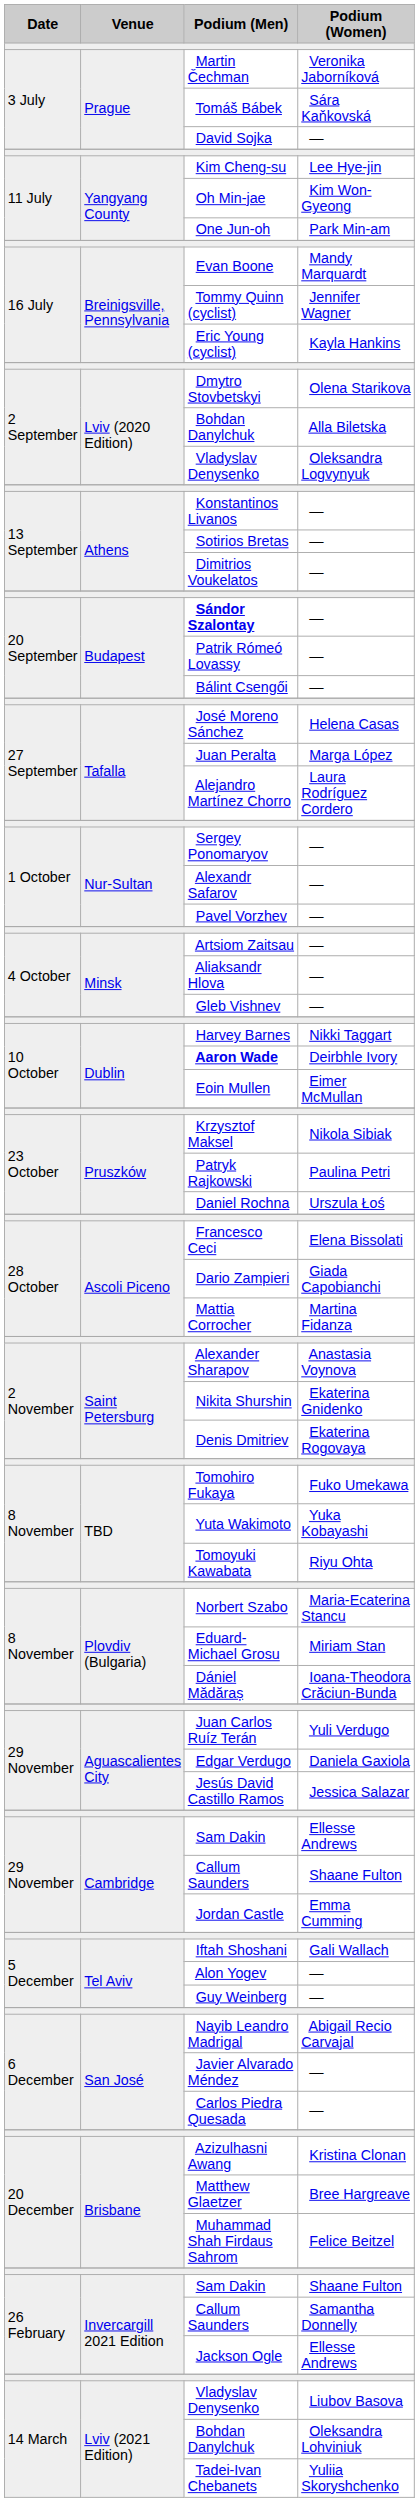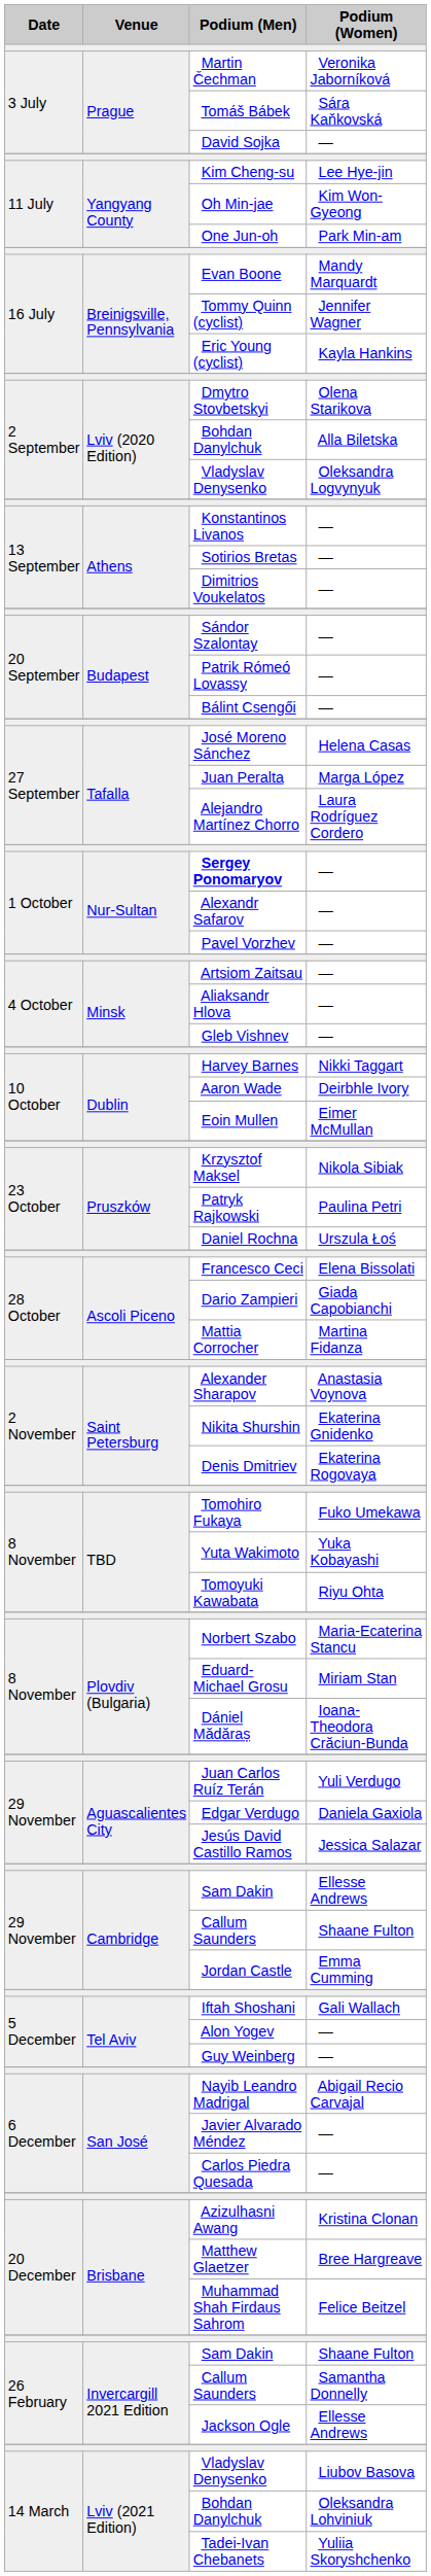 <table class="wikitable" width=70% bgcolor="#f7f8ff" cellpadding="3" cellspacing="0" border="1" style="font-size: 95%; border: gray solid 1px; border-collapse: collapse;">
 <tr bgcolor="#CCCCCC">
 <td align="center"><strong>Date</strong></td>
 <td width=20% align="center"><strong>Venue</strong></td>
 <td width=29% align="center"><strong>Podium (Men)</strong></td>
 <td width=29% align="center"><strong>Podium (Women)</strong></td>
 </tr>
 <tr bgcolor="#EFEFEF">
 <td colspan=4></td>
 </tr>
 <tr bgcolor="#EFEFEF">
 <td rowspan=3>3 July</td>
 <td rowspan=3><br><a href='#'>Prague</a></td>
 <td bgcolor="#ffffff">   <a href='#'>Martin Čechman</a></td>
 <td bgcolor="#ffffff">   <a href='#'>Veronika Jaborníková</a></td>
 </tr>
 <tr>
 <td bgcolor="#ffffff">   <a href='#'>Tomáš Bábek</a></td>
 <td bgcolor="#ffffff">   <a href='#'>Sára Kaňkovská</a></td>
 </tr>
 <tr>
 <td bgcolor="#ffffff">   <a href='#'>David Sojka</a></td>
 <td bgcolor="#ffffff">   —</td>
 </tr>
 <tr>
 </tr>
 <tr bgcolor="#EFEFEF">
 <td colspan=4></td>
 </tr>
 <tr bgcolor="#EFEFEF">
 <td rowspan=3>11 July</td>
 <td rowspan=3><br><a href='#'>Yangyang County</a></td>
 <td bgcolor="#ffffff">   <a href='#'>Kim Cheng-su</a></td>
 <td bgcolor="#ffffff">   <a href='#'>Lee Hye-jin</a></td>
 </tr>
 <tr>
 <td bgcolor="#ffffff">   <a href='#'>Oh Min-jae</a></td>
 <td bgcolor="#ffffff">   <a href='#'>Kim Won-Gyeong</a></td>
 </tr>
 <tr>
 <td bgcolor="#ffffff">   <a href='#'>One Jun-oh</a></td>
 <td bgcolor="#ffffff">   <a href='#'>Park Min-am</a></td>
 </tr>
 <tr>
 </tr>
 <tr bgcolor="#EFEFEF">
 <td colspan=4></td>
 </tr>
 <tr bgcolor="#EFEFEF">
 <td rowspan="3">16 July</td>
 <td rowspan="3"><br><a href='#'>Breinigsville, Pennsylvania</a></td>
 <td bgcolor="#ffffff">   <a href='#'>Evan Boone</a></td>
 <td bgcolor="#ffffff">   <a href='#'>Mandy Marquardt</a></td>
 </tr>
 <tr>
 <td bgcolor="#ffffff">   <a href='#'>Tommy Quinn (cyclist)</a></td>
 <td bgcolor="#ffffff">   <a href='#'>Jennifer Wagner</a></td>
 </tr>
 <tr>
 <td bgcolor="#ffffff">   <a href='#'>Eric Young (cyclist)</a></td>
 <td bgcolor="#ffffff">   <a href='#'>Kayla Hankins</a></td>
 </tr>
 <tr>
 </tr>
 <tr bgcolor="#EFEFEF">
 <td colspan=4></td>
 </tr>
 <tr bgcolor="#EFEFEF">
 <td rowspan=3>2 September</td>
 <td rowspan=3><br><a href='#'>Lviv</a> (2020 Edition)</td>
 <td bgcolor="#ffffff">   <a href='#'>Dmytro Stovbetskyi</a></td>
 <td bgcolor="#ffffff">   <a href='#'>Olena Starikova</a></td>
 </tr>
 <tr>
 <td bgcolor="#ffffff">   <a href='#'>Bohdan Danylchuk</a></td>
 <td bgcolor="#ffffff">   <a href='#'>Alla Biletska</a></td>
 </tr>
 <tr>
 <td bgcolor="#ffffff">   <a href='#'>Vladyslav Denysenko</a></td>
 <td bgcolor="#ffffff">   <a href='#'>Oleksandra Logvynyuk</a></td>
 </tr>
 <tr>
 </tr>
 <tr bgcolor="#EFEFEF">
 <td colspan=4></td>
 </tr>
 <tr bgcolor="#EFEFEF">
 <td rowspan=3>13 September</td>
 <td rowspan=3><br><a href='#'>Athens</a></td>
 <td bgcolor="#ffffff">   <a href='#'>Konstantinos Livanos</a></td>
 <td bgcolor="#ffffff">   —</td>
 </tr>
 <tr>
 <td bgcolor="#ffffff">   <a href='#'>Sotirios Bretas</a></td>
 <td bgcolor="#ffffff">   —</td>
 </tr>
 <tr>
 <td bgcolor="#ffffff">   <a href='#'>Dimitrios Voukelatos</a></td>
 <td bgcolor="#ffffff">   —</td>
 </tr>
 <tr>
 </tr>
 <tr bgcolor="#EFEFEF">
 <td colspan=4></td>
 </tr>
 <tr bgcolor="#EFEFEF">
 <td rowspan=3>20 September</td>
 <td rowspan=3><br><a href='#'>Budapest</a></td>
-<td bgcolor="#ffffff"><strong>   <a href='#'>Sándor Szalontay</a></strong></td>
+<td bgcolor="#ffffff">   <a href='#'>Sándor Szalontay</a></td>
 <td bgcolor="#ffffff">   —</td>
 </tr>
 <tr>
 <td bgcolor="#ffffff">   <a href='#'>Patrik Rómeó Lovassy</a></td>
 <td bgcolor="#ffffff">   —</td>
 </tr>
 <tr>
 <td bgcolor="#ffffff">   <a href='#'>Bálint Csengői</a></td>
 <td bgcolor="#ffffff">   —</td>
 </tr>
 <tr>
 </tr>
 <tr bgcolor="#EFEFEF">
 <td colspan=4></td>
 </tr>
 <tr bgcolor="#EFEFEF">
 <td rowspan=3>27 September</td>
 <td rowspan=3><br><a href='#'>Tafalla</a></td>
 <td bgcolor="#ffffff">   <a href='#'>José Moreno Sánchez</a></td>
 <td bgcolor="#ffffff">   <a href='#'>Helena Casas</a></td>
 </tr>
 <tr>
 <td bgcolor="#ffffff">   <a href='#'>Juan Peralta</a></td>
 <td bgcolor="#ffffff">   <a href='#'>Marga López</a></td>
 </tr>
 <tr>
 <td bgcolor="#ffffff">   <a href='#'>Alejandro Martínez Chorro</a></td>
 <td bgcolor="#ffffff">   <a href='#'>Laura Rodríguez Cordero</a></td>
 </tr>
 <tr>
 </tr>
 <tr bgcolor="#EFEFEF">
 <td colspan=4></td>
 </tr>
 <tr bgcolor="#EFEFEF">
 <td rowspan=3>1 October</td>
 <td rowspan=3><br><a href='#'>Nur-Sultan</a></td>
-<td bgcolor="#ffffff">   <a href='#'>Sergey Ponomaryov</a></td>
+<td bgcolor="#ffffff"><strong>   <a href='#'>Sergey Ponomaryov</a></strong></td>
 <td bgcolor="#ffffff">   —</td>
 </tr>
 <tr>
 <td bgcolor="#ffffff">   <a href='#'>Alexandr Safarov</a></td>
 <td bgcolor="#ffffff">   —</td>
 </tr>
 <tr>
 <td bgcolor="#ffffff">   <a href='#'>Pavel Vorzhev</a></td>
 <td bgcolor="#ffffff">   —</td>
 </tr>
 <tr>
 </tr>
 <tr bgcolor="#EFEFEF">
 <td colspan=4></td>
 </tr>
 <tr bgcolor="#EFEFEF">
 <td rowspan=3>4 October</td>
 <td rowspan=3><br><a href='#'>Minsk</a></td>
 <td bgcolor="#ffffff">   <a href='#'>Artsiom Zaitsau</a></td>
 <td bgcolor="#ffffff">   —</td>
 </tr>
 <tr>
 <td bgcolor="#ffffff">   <a href='#'>Aliaksandr Hlova</a></td>
 <td bgcolor="#ffffff">   —</td>
 </tr>
 <tr>
 <td bgcolor="#ffffff">   <a href='#'>Gleb Vishnev</a></td>
 <td bgcolor="#ffffff">   —</td>
 </tr>
 <tr>
 </tr>
 <tr bgcolor="#EFEFEF">
 <td colspan=4></td>
 </tr>
 <tr bgcolor="#EFEFEF">
 <td rowspan=3>10 October</td>
 <td rowspan=3><br><a href='#'>Dublin</a></td>
 <td bgcolor="#ffffff">   <a href='#'>Harvey Barnes</a></td>
 <td bgcolor="#ffffff">   <a href='#'>Nikki Taggart</a></td>
 </tr>
 <tr>
-<td bgcolor="#ffffff"><strong>   <a href='#'>Aaron Wade</a></strong></td>
+<td bgcolor="#ffffff">   <a href='#'>Aaron Wade</a></td>
 <td bgcolor="#ffffff">   <a href='#'>Deirbhle Ivory</a></td>
 </tr>
 <tr>
 <td bgcolor="#ffffff">   <a href='#'>Eoin Mullen</a></td>
 <td bgcolor="#ffffff">   <a href='#'>Eimer McMullan</a></td>
 </tr>
 <tr>
 </tr>
 <tr bgcolor="#EFEFEF">
 <td colspan=4></td>
 </tr>
 <tr bgcolor="#EFEFEF">
 <td rowspan=3>23 October</td>
 <td rowspan=3><br><a href='#'>Pruszków</a></td>
 <td bgcolor="#ffffff">   <a href='#'>Krzysztof Maksel</a></td>
 <td bgcolor="#ffffff">   <a href='#'>Nikola Sibiak</a></td>
 </tr>
 <tr>
 <td bgcolor="#ffffff">   <a href='#'>Patryk Rajkowski</a></td>
 <td bgcolor="#ffffff">   <a href='#'>Paulina Petri</a></td>
 </tr>
 <tr>
 <td bgcolor="#ffffff">   <a href='#'>Daniel Rochna</a></td>
 <td bgcolor="#ffffff">   <a href='#'>Urszula Łoś</a></td>
 </tr>
 <tr>
 </tr>
 <tr bgcolor="#EFEFEF">
 <td colspan=4></td>
 </tr>
 <tr bgcolor="#EFEFEF">
 <td rowspan=3>28 October</td>
 <td rowspan=3><br><a href='#'>Ascoli Piceno</a></td>
 <td bgcolor="#ffffff">   <a href='#'>Francesco Ceci</a></td>
 <td bgcolor="#ffffff">   <a href='#'>Elena Bissolati</a></td>
 </tr>
 <tr>
 <td bgcolor="#ffffff">   <a href='#'>Dario Zampieri</a></td>
 <td bgcolor="#ffffff">   <a href='#'>Giada Capobianchi</a></td>
 </tr>
 <tr>
 <td bgcolor="#ffffff">   <a href='#'>Mattia Corrocher</a></td>
 <td bgcolor="#ffffff">   <a href='#'>Martina Fidanza</a></td>
 </tr>
 <tr>
 </tr>
 <tr bgcolor="#EFEFEF">
 <td colspan=4></td>
 </tr>
 <tr bgcolor="#EFEFEF">
 <td rowspan=3>2 November</td>
 <td rowspan=3><br><a href='#'>Saint Petersburg</a></td>
 <td bgcolor="#ffffff">   <a href='#'>Alexander Sharapov</a></td>
 <td bgcolor="#ffffff">   <a href='#'>Anastasia Voynova</a></td>
 </tr>
 <tr>
 <td bgcolor="#ffffff">   <a href='#'>Nikita Shurshin</a></td>
 <td bgcolor="#ffffff">   <a href='#'>Ekaterina Gnidenko</a></td>
 </tr>
 <tr>
 <td bgcolor="#ffffff">   <a href='#'>Denis Dmitriev</a></td>
 <td bgcolor="#ffffff">   <a href='#'>Ekaterina Rogovaya</a></td>
 </tr>
 <tr>
 </tr>
 <tr bgcolor="#EFEFEF">
 <td colspan=4></td>
 </tr>
 <tr bgcolor="#EFEFEF">
 <td rowspan=3>8 November</td>
 <td rowspan=3><br>TBD</td>
 <td bgcolor="#ffffff">   <a href='#'>Tomohiro Fukaya</a></td>
 <td bgcolor="#ffffff">   <a href='#'>Fuko Umekawa</a></td>
 </tr>
 <tr>
 <td bgcolor="#ffffff">   <a href='#'>Yuta Wakimoto</a></td>
 <td bgcolor="#ffffff">   <a href='#'>Yuka Kobayashi</a></td>
 </tr>
 <tr>
 <td bgcolor="#ffffff">   <a href='#'>Tomoyuki Kawabata</a></td>
 <td bgcolor="#ffffff">   <a href='#'>Riyu Ohta</a></td>
 </tr>
 <tr>
 </tr>
 <tr bgcolor="#EFEFEF">
 <td colspan=4></td>
 </tr>
 <tr bgcolor="#EFEFEF">
 <td rowspan=3>8 November</td>
 <td rowspan=3><br><a href='#'>Plovdiv</a> (Bulgaria)</td>
 <td bgcolor="#ffffff">   <a href='#'>Norbert Szabo</a></td>
 <td bgcolor="#ffffff">   <a href='#'>Maria-Ecaterina Stancu</a></td>
 </tr>
 <tr>
 <td bgcolor="#ffffff">   <a href='#'>Eduard-Michael Grosu</a></td>
 <td bgcolor="#ffffff">   <a href='#'>Miriam Stan</a></td>
 </tr>
 <tr>
 <td bgcolor="#ffffff">   <a href='#'>Dániel Mădăraș</a></td>
 <td bgcolor="#ffffff">   <a href='#'>Ioana-Theodora Crăciun-Bunda</a></td>
 </tr>
 <tr>
 </tr>
 <tr bgcolor="#EFEFEF">
 <td colspan=4></td>
 </tr>
 <tr bgcolor="#EFEFEF">
 <td rowspan=3>29 November</td>
 <td rowspan=3><br><a href='#'>Aguascalientes City</a></td>
 <td bgcolor="#ffffff">   <a href='#'>Juan Carlos Ruíz Terán</a></td>
 <td bgcolor="#ffffff">   <a href='#'>Yuli Verdugo</a></td>
 </tr>
 <tr>
 <td bgcolor="#ffffff">   <a href='#'>Edgar Verdugo</a></td>
 <td bgcolor="#ffffff">   <a href='#'>Daniela Gaxiola</a></td>
 </tr>
 <tr>
 <td bgcolor="#ffffff">   <a href='#'>Jesús David Castillo Ramos</a></td>
 <td bgcolor="#ffffff">   <a href='#'>Jessica Salazar</a></td>
 </tr>
 <tr>
 </tr>
 <tr bgcolor="#EFEFEF">
 <td colspan=4></td>
 </tr>
 <tr bgcolor="#EFEFEF">
 <td rowspan=3>29 November</td>
 <td rowspan=3><br><a href='#'>Cambridge</a></td>
 <td bgcolor="#ffffff">   <a href='#'>Sam Dakin</a></td>
 <td bgcolor="#ffffff">   <a href='#'>Ellesse Andrews</a></td>
 </tr>
 <tr>
 <td bgcolor="#ffffff">   <a href='#'>Callum Saunders</a></td>
 <td bgcolor="#ffffff">   <a href='#'>Shaane Fulton</a></td>
 </tr>
 <tr>
 <td bgcolor="#ffffff">   <a href='#'>Jordan Castle</a></td>
 <td bgcolor="#ffffff">   <a href='#'>Emma Cumming</a></td>
 </tr>
 <tr>
 </tr>
 <tr bgcolor="#EFEFEF">
 <td colspan=4></td>
 </tr>
 <tr bgcolor="#EFEFEF">
 <td rowspan=3>5 December</td>
 <td rowspan=3><br><a href='#'>Tel Aviv</a></td>
 <td bgcolor="#ffffff">   <a href='#'>Iftah Shoshani</a></td>
 <td bgcolor="#ffffff">   <a href='#'>Gali Wallach</a></td>
 </tr>
 <tr>
 <td bgcolor="#ffffff">   <a href='#'>Alon Yogev</a></td>
 <td bgcolor="#ffffff">   —</td>
 </tr>
 <tr>
 <td bgcolor="#ffffff">   <a href='#'>Guy Weinberg</a></td>
 <td bgcolor="#ffffff">   —</td>
 </tr>
 <tr>
 </tr>
 <tr bgcolor="#EFEFEF">
 <td colspan=4></td>
 </tr>
 <tr bgcolor="#EFEFEF">
 <td rowspan=3>6 December</td>
 <td rowspan=3><br><a href='#'>San José</a></td>
 <td bgcolor="#ffffff">   <a href='#'>Nayib Leandro Madrigal</a></td>
 <td bgcolor="#ffffff">   <a href='#'>Abigail Recio Carvajal</a></td>
 </tr>
 <tr>
 <td bgcolor="#ffffff">   <a href='#'>Javier Alvarado Méndez</a></td>
 <td bgcolor="#ffffff">   —</td>
 </tr>
 <tr>
 <td bgcolor="#ffffff">   <a href='#'>Carlos Piedra Quesada</a></td>
 <td bgcolor="#ffffff">   —</td>
 </tr>
 <tr>
 </tr>
 <tr bgcolor="#EFEFEF">
 <td colspan=4></td>
 </tr>
 <tr bgcolor="#EFEFEF">
 <td rowspan=3>20 December</td>
 <td rowspan=3><br><a href='#'>Brisbane</a></td>
 <td bgcolor="#ffffff">    <a href='#'>Azizulhasni Awang</a></td>
 <td bgcolor="#ffffff">   <a href='#'>Kristina Clonan</a></td>
 </tr>
 <tr>
 <td bgcolor="#ffffff">   <a href='#'>Matthew Glaetzer</a></td>
 <td bgcolor="#ffffff">   <a href='#'>Bree Hargreave</a></td>
 </tr>
 <tr>
 <td bgcolor="#ffffff">    <a href='#'>Muhammad Shah Firdaus Sahrom</a></td>
 <td bgcolor="#ffffff">   <a href='#'>Felice Beitzel</a></td>
 </tr>
 <tr>
 </tr>
 <tr bgcolor="#EFEFEF">
 <td colspan=4></td>
 </tr>
 <tr bgcolor="#EFEFEF">
 <td rowspan=3>26 February</td>
 <td rowspan=3><br><a href='#'>Invercargill</a><br>2021 Edition</td>
 <td bgcolor="#ffffff">   <a href='#'>Sam Dakin</a></td>
 <td bgcolor="#ffffff">   <a href='#'>Shaane Fulton</a></td>
 </tr>
 <tr>
 <td bgcolor="#ffffff">   <a href='#'>Callum Saunders</a></td>
 <td bgcolor="#ffffff">   <a href='#'>Samantha Donnelly</a></td>
 </tr>
 <tr>
 <td bgcolor="#ffffff">   <a href='#'>Jackson Ogle</a></td>
 <td bgcolor="#ffffff">   <a href='#'>Ellesse Andrews</a></td>
 </tr>
 <tr>
 </tr>
 <tr bgcolor="#EFEFEF">
 <td colspan=4></td>
 </tr>
 <tr bgcolor="#EFEFEF">
 <td rowspan=3>14 March</td>
 <td rowspan=3><br><a href='#'>Lviv</a> (2021 Edition)</td>
 <td bgcolor="#ffffff">   <a href='#'>Vladyslav Denysenko</a></td>
 <td bgcolor="#ffffff">   <a href='#'>Liubov Basova</a></td>
 </tr>
 <tr>
 <td bgcolor="#ffffff">   <a href='#'>Bohdan Danylchuk</a></td>
 <td bgcolor="#ffffff">   <a href='#'>Oleksandra Lohviniuk</a></td>
 </tr>
 <tr>
 <td bgcolor="#ffffff">   <a href='#'>Tadei-Ivan Chebanets</a></td>
 <td bgcolor="#ffffff">   <a href='#'>Yuliia Skoryshchenko</a></td>
 </tr>
 </table>
